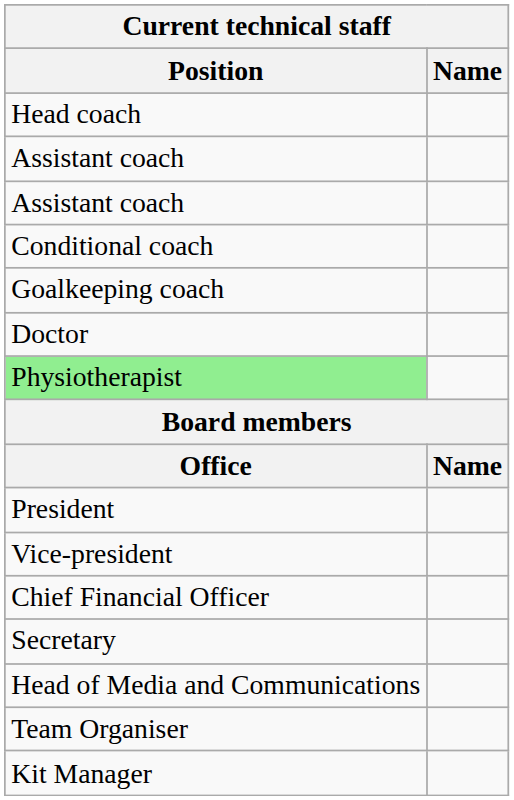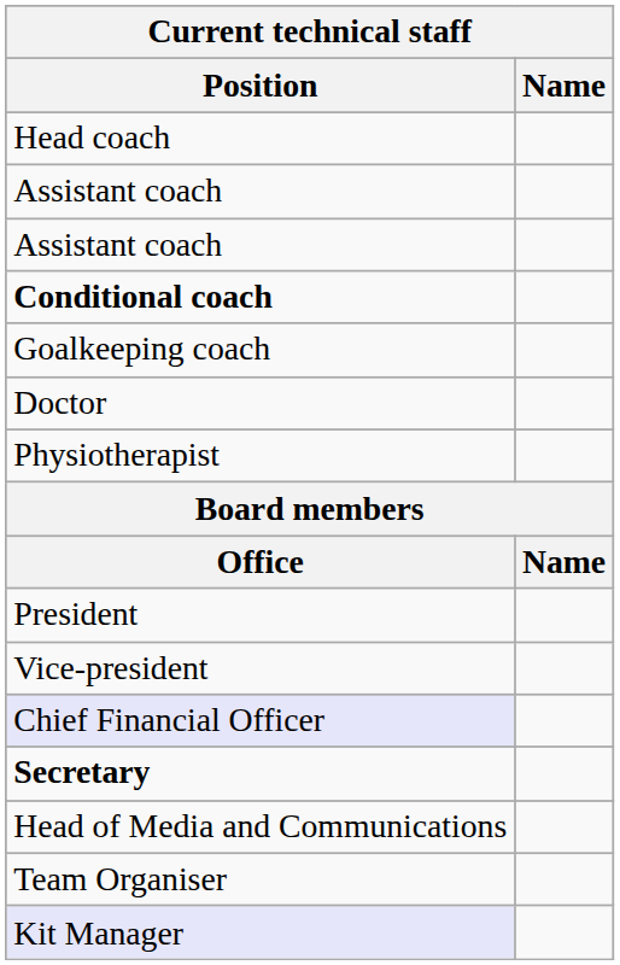 <table class="wikitable" style="text-align:left;font-size:100%;">
 <tr>
 <th colspan="2">Current technical staff</th>
 </tr>
 <tr>
 <th>Position</th>
 <th>Name</th>
 </tr>
 <tr>
 <td>Head coach</td>
 <td> </td>
 </tr>
 <tr>
 <td>Assistant coach</td>
 <td> </td>
 </tr>
 <tr>
 <td>Assistant coach</td>
 <td> </td>
 </tr>
 <tr>
-<td>Conditional coach</td>
+<td><strong>Conditional coach</strong></td>
 <td> </td>
 </tr>
 <tr>
 <td>Goalkeeping coach</td>
 <td> </td>
 </tr>
 <tr>
 <td>Doctor</td>
 <td> </td>
 </tr>
 <tr>
-<td style="background: lightgreen;">Physiotherapist</td>
+<td>Physiotherapist</td>
 <td> </td>
 </tr>
 <tr>
 <th colspan="2">Board members</th>
 </tr>
 <tr>
 <th>Office</th>
 <th>Name</th>
 </tr>
 <tr>
 <td>President</td>
 <td> </td>
 </tr>
 <tr>
 <td>Vice-president</td>
 <td> </td>
 </tr>
 <tr>
-<td>Chief Financial Officer</td>
+<td style="background: lavender;">Chief Financial Officer</td>
 <td> </td>
 </tr>
 <tr>
-<td>Secretary</td>
+<td><strong>Secretary</strong></td>
 <td> </td>
 </tr>
 <tr>
 <td>Head of Media and Communications</td>
 <td> </td>
 </tr>
 <tr>
 <td>Team Organiser</td>
 <td> </td>
 </tr>
 <tr>
-<td>Kit Manager</td>
+<td style="background: lavender;">Kit Manager</td>
 <td> </td>
 </tr>
 </table>
